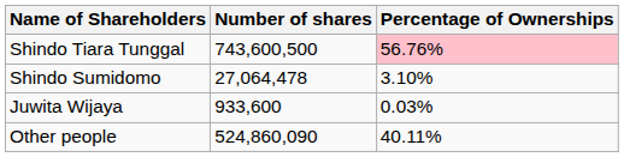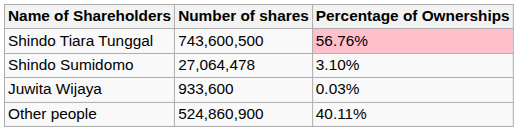 <table class="wikitable sortable" style="font-align:center;">
 <tr>
 <th>Name of Shareholders</th>
 <th>Number of shares</th>
 <th>Percentage of Ownerships</th>
 </tr>
 <tr>
 <td>Shindo Tiara Tunggal</td>
 <td>743,600,500</td>
 <td style="background: pink;">56.76%</td>
 </tr>
 <tr>
 <td>Shindo Sumidomo</td>
 <td>27,064,478</td>
 <td>3.10%</td>
 </tr>
 <tr>
 <td>Juwita Wijaya</td>
 <td>933,600</td>
 <td>0.03%</td>
 </tr>
 <tr>
 <td>Other people</td>
-<td>524,860,090</td>
+<td>524,860,900</td>
 <td>40.11%</td>
 </tr>
 </table>
